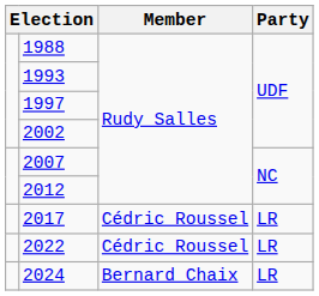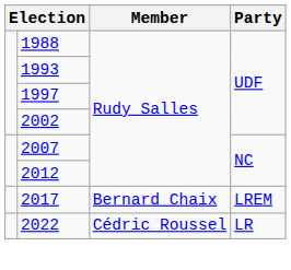 <table class="wikitable">
 <tr>
 <th colspan="2">Election</th>
 <th>Member</th>
 <th>Party</th>
 </tr>
 <tr>
 <td rowspan="4" style="background-color: "></td>
 <td><a href='#'>1988</a></td>
 <td rowspan="6"><a href='#'>Rudy Salles</a></td>
 <td rowspan="4"><a href='#'>UDF</a></td>
 </tr>
 <tr>
 <td><a href='#'>1993</a></td>
 </tr>
 <tr>
 <td><a href='#'>1997</a></td>
 </tr>
 <tr>
 <td><a href='#'>2002</a></td>
 </tr>
 <tr>
 <td rowspan="2" style="background-color: "></td>
 <td><a href='#'>2007</a></td>
 <td rowspan="2"><a href='#'>NC</a></td>
 </tr>
 <tr>
 <td><a href='#'>2012</a></td>
 </tr>
 <tr>
 <td style="color:inherit;background-color: "></td>
 <td><a href='#'>2017</a></td>
-<td><a href='#'>Cédric Roussel</a></td>
-<td><a href='#'>LR</a></td>
+<td><a href='#'>Bernard Chaix</a></td>
+<td><a href='#'>LREM</a></td>
 </tr>
 <tr>
 <td style="color:inherit;background-color: "></td>
 <td><a href='#'>2022</a></td>
 <td><a href='#'>Cédric Roussel</a></td>
 <td><a href='#'>LR</a></td>
 </tr>
-<tr>
-<td style="color:inherit;background-color: "></td>
-<td><a href='#'>2024</a></td>
-<td><a href='#'>Bernard Chaix</a></td>
-<td><a href='#'>LR</a></td>
-</tr>
 </table>
